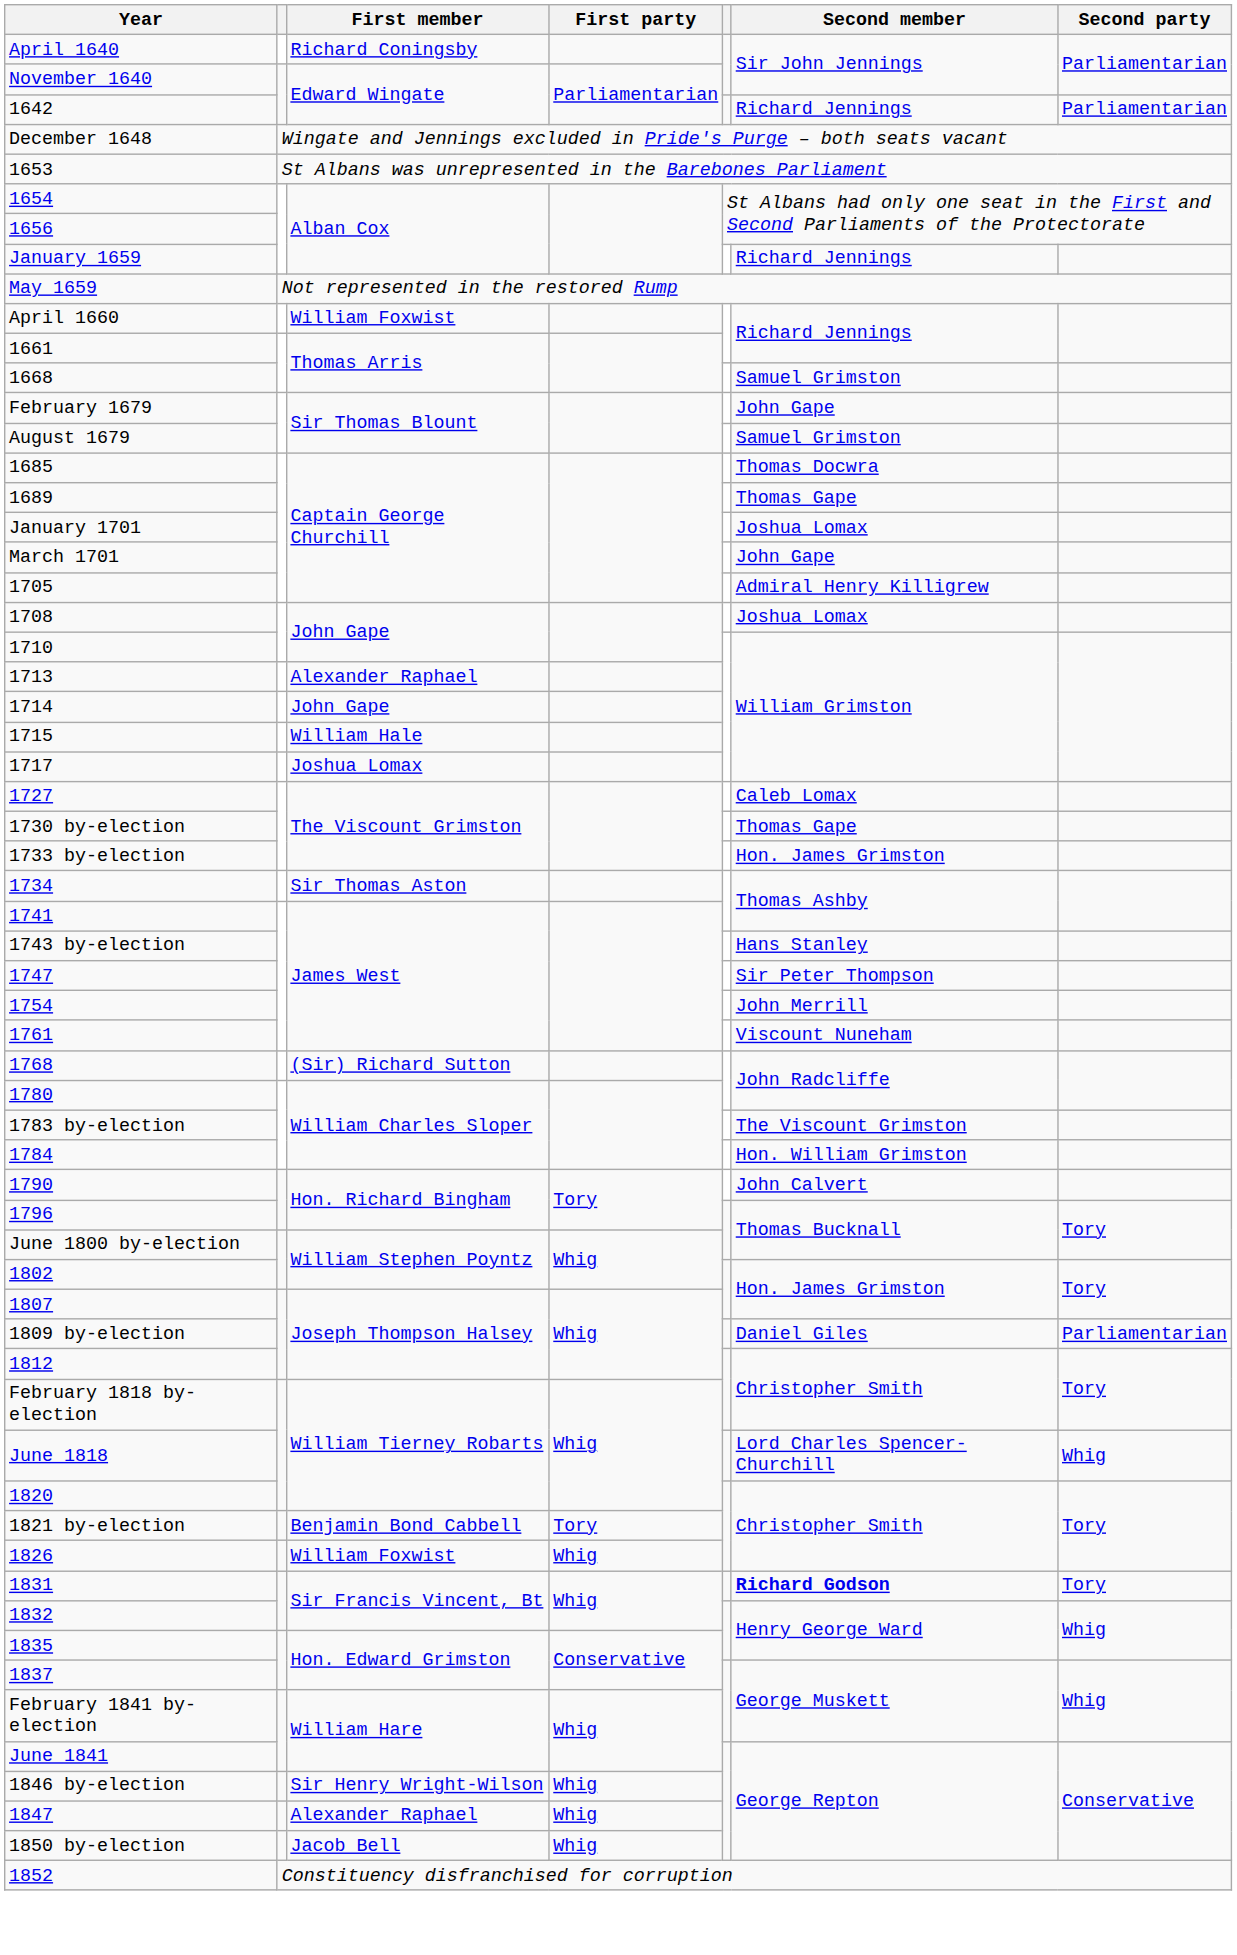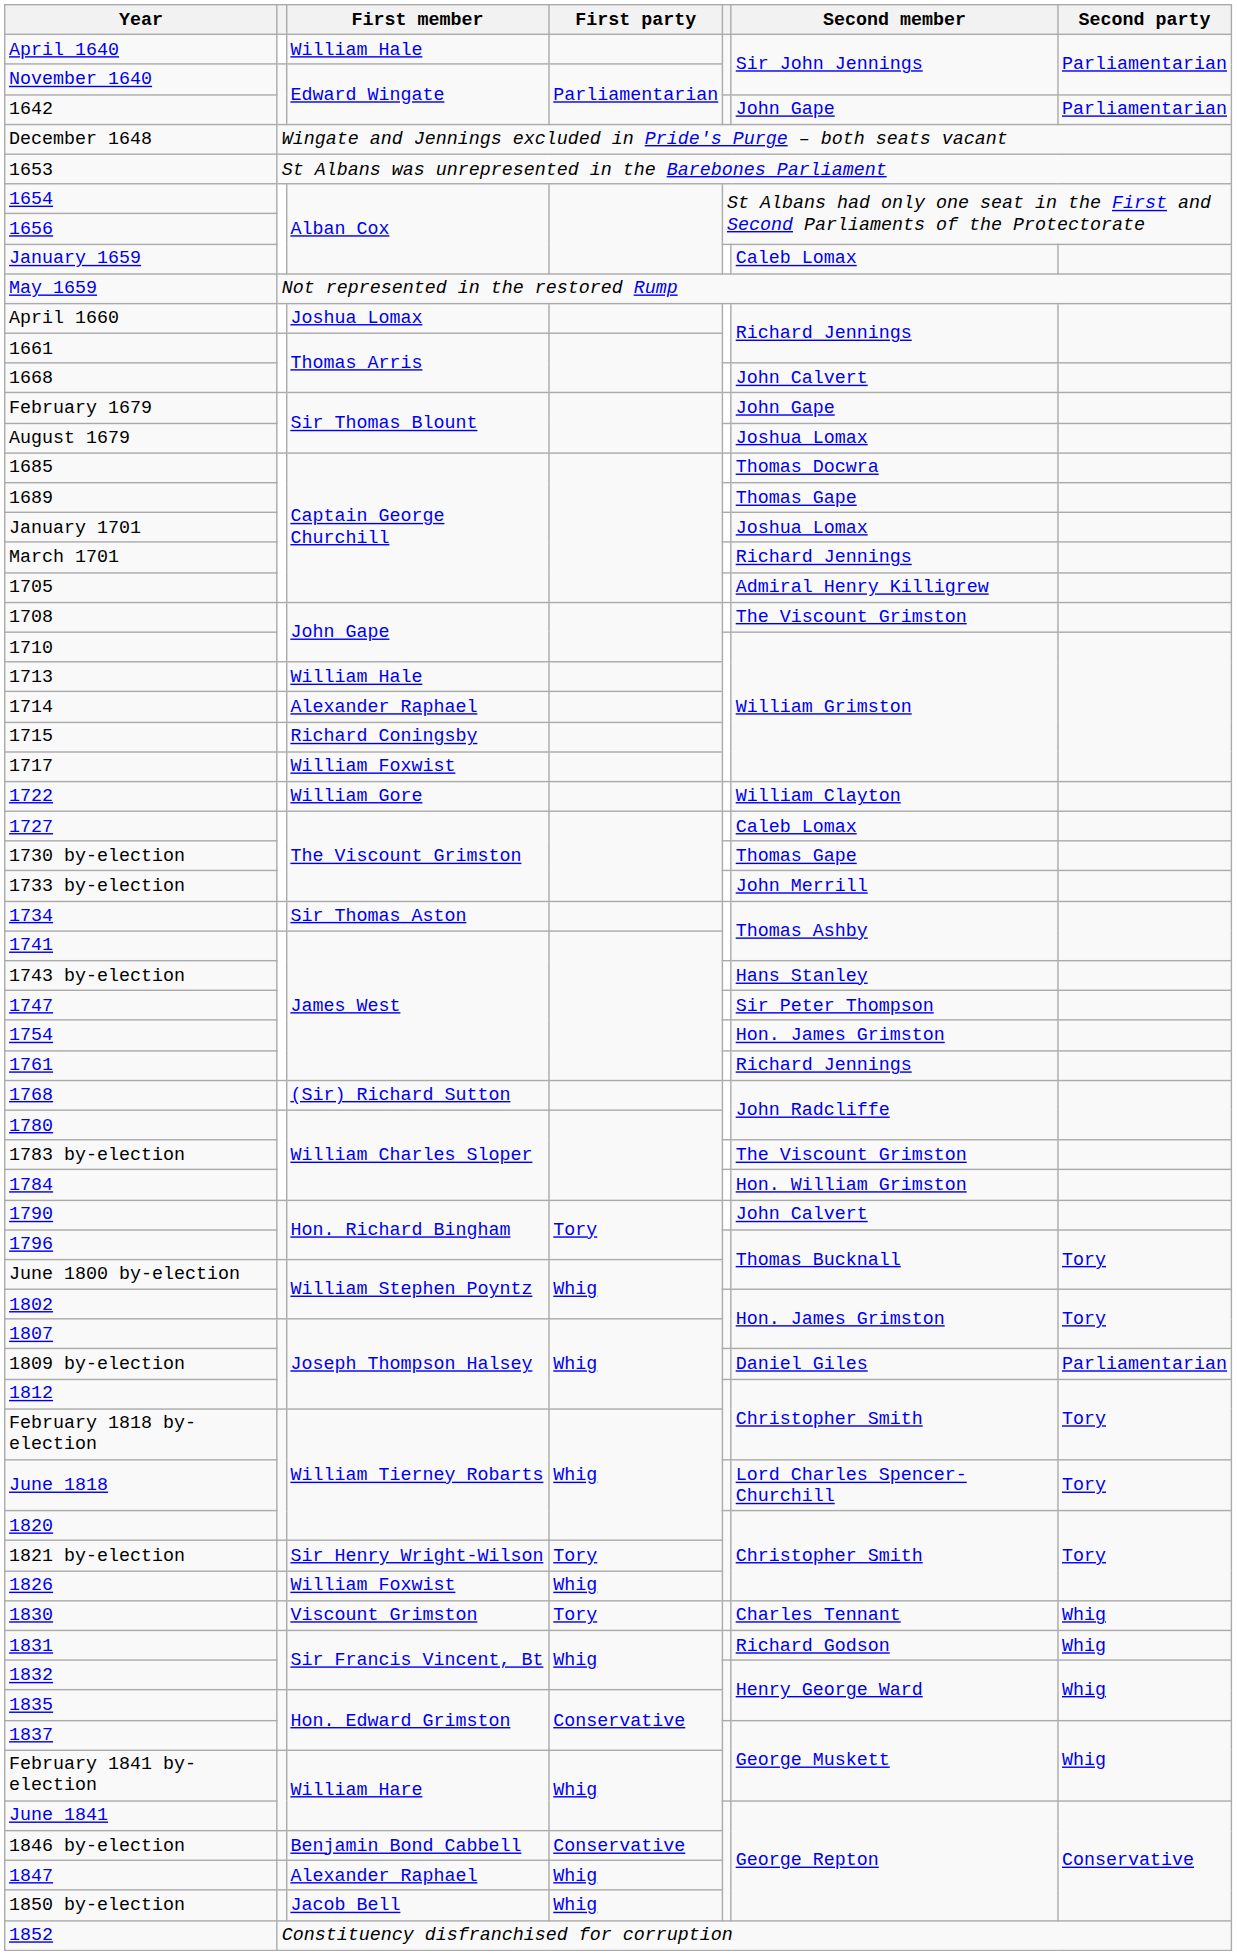 <table class="wikitable">
 <tr>
 <th>Year</th>
 <th></th>
 <th>First member</th>
 <th>First party</th>
 <th></th>
 <th>Second member</th>
 <th>Second party</th>
 </tr>
 <tr>
 <td><a href='#'>April 1640</a></td>
 <td style="color:inherit;background-color: white"></td>
-<td><a href='#'>Richard Coningsby</a></td>
+<td><a href='#'>William Hale</a></td>
 <td></td>
 <td rowspan="2" style="color:inherit;background-color: "></td>
 <td rowspan="2"><a href='#'>Sir John Jennings</a></td>
 <td rowspan="2"><a href='#'>Parliamentarian</a></td>
 </tr>
 <tr>
 <td><a href='#'>November 1640</a></td>
 <td rowspan="2" style="color:inherit;background-color: "></td>
 <td rowspan="2"><a href='#'>Edward Wingate</a></td>
 <td rowspan="2"><a href='#'>Parliamentarian</a></td>
 </tr>
 <tr>
 <td>1642</td>
 <td style="color:inherit;background-color: "></td>
-<td><a href='#'>Richard Jennings</a></td>
+<td><a href='#'>John Gape</a></td>
 <td><a href='#'>Parliamentarian</a></td>
 </tr>
 <tr>
 <td>December 1648</td>
 <td colspan="6"><em>Wingate and Jennings excluded in <a href='#'>Pride's Purge</a> – both seats vacant</em></td>
 </tr>
 <tr>
 <td>1653</td>
 <td colspan="6"><em>St Albans was unrepresented in the <a href='#'>Barebones Parliament</a></em></td>
 </tr>
 <tr>
 <td><a href='#'>1654</a></td>
 <td rowspan="3" style="color:inherit;background-color: white"></td>
 <td rowspan="3"><a href='#'>Alban Cox</a></td>
 <td rowspan="3"></td>
 <td rowspan="2" colspan="3"><em>St Albans had only one seat in the <a href='#'>First</a>  and <br><a href='#'>Second</a> Parliaments of the Protectorate</em></td>
 </tr>
 <tr>
 <td><a href='#'>1656</a></td>
 </tr>
 <tr>
 <td><a href='#'>January 1659</a></td>
 <td style="color:inherit;background-color: white"></td>
-<td><a href='#'>Richard Jennings</a></td>
+<td><a href='#'>Caleb Lomax</a></td>
 <td></td>
 </tr>
 <tr>
 <td><a href='#'>May 1659</a></td>
 <td colspan="6"><em>Not represented in the restored <a href='#'>Rump</a></em></td>
 </tr>
 <tr>
 <td>April 1660</td>
 <td style="color:inherit;background-color: white"></td>
-<td><a href='#'>William Foxwist</a></td>
+<td><a href='#'>Joshua Lomax</a></td>
 <td></td>
 <td rowspan="2" style="color:inherit;background-color: white"></td>
 <td rowspan="2"><a href='#'>Richard Jennings</a></td>
 <td rowspan="2"></td>
 </tr>
 <tr>
 <td>1661</td>
 <td rowspan="2" style="color:inherit;background-color: white"></td>
 <td rowspan="2"><a href='#'>Thomas Arris</a></td>
 <td rowspan="2"></td>
 </tr>
 <tr>
 <td>1668</td>
 <td style="color:inherit;background-color: white"></td>
-<td><a href='#'>Samuel Grimston</a></td>
+<td><a href='#'>John Calvert</a></td>
 <td></td>
 </tr>
 <tr>
 <td>February 1679</td>
 <td rowspan="2" style="color:inherit;background-color: white"></td>
 <td rowspan="2"><a href='#'>Sir Thomas Blount</a></td>
 <td rowspan="2"></td>
 <td style="color:inherit;background-color: white"></td>
 <td><a href='#'>John Gape</a></td>
 <td></td>
 </tr>
 <tr>
 <td>August 1679</td>
 <td style="color:inherit;background-color: white"></td>
-<td><a href='#'>Samuel Grimston</a></td>
+<td><a href='#'>Joshua Lomax</a></td>
 <td></td>
 </tr>
 <tr>
 <td>1685</td>
 <td rowspan="5" style="color:inherit;background-color: white"></td>
 <td rowspan="5"><a href='#'>Captain George Churchill</a></td>
 <td rowspan="5"></td>
 <td style="color:inherit;background-color: white"></td>
 <td><a href='#'>Thomas Docwra</a></td>
 <td></td>
 </tr>
 <tr>
 <td>1689</td>
 <td style="color:inherit;background-color: white"></td>
 <td><a href='#'>Thomas Gape</a></td>
 <td></td>
 </tr>
 <tr>
 <td>January 1701</td>
 <td style="color:inherit;background-color: white"></td>
 <td><a href='#'>Joshua Lomax</a></td>
 <td></td>
 </tr>
 <tr>
 <td>March 1701</td>
 <td style="color:inherit;background-color: white"></td>
-<td><a href='#'>John Gape</a></td>
+<td><a href='#'>Richard Jennings</a></td>
 <td></td>
 </tr>
 <tr>
 <td>1705</td>
 <td style="color:inherit;background-color: white"></td>
 <td><a href='#'>Admiral Henry Killigrew</a></td>
 <td></td>
 </tr>
 <tr>
 <td>1708</td>
 <td rowspan="2" style="color:inherit;background-color: white"></td>
 <td rowspan="2"><a href='#'>John Gape</a></td>
 <td rowspan="2"></td>
 <td style="color:inherit;background-color: white"></td>
-<td><a href='#'>Joshua Lomax</a></td>
+<td><a href='#'>The Viscount Grimston</a></td>
 <td></td>
 </tr>
 <tr>
 <td>1710</td>
 <td rowspan="5" style="color:inherit;background-color: white"></td>
 <td rowspan="5"><a href='#'>William Grimston</a></td>
 <td rowspan="5"></td>
 </tr>
 <tr>
 <td>1713</td>
 <td style="color:inherit;background-color: white"></td>
-<td><a href='#'>Alexander Raphael</a></td>
+<td><a href='#'>William Hale</a></td>
 <td></td>
 </tr>
 <tr>
 <td>1714</td>
 <td style="color:inherit;background-color: white"></td>
-<td><a href='#'>John Gape</a></td>
+<td><a href='#'>Alexander Raphael</a></td>
 <td></td>
 </tr>
 <tr>
 <td>1715</td>
 <td style="color:inherit;background-color: white"></td>
-<td><a href='#'>William Hale</a></td>
+<td><a href='#'>Richard Coningsby</a></td>
 <td></td>
 </tr>
 <tr>
 <td>1717</td>
 <td style="color:inherit;background-color: white"></td>
-<td><a href='#'>Joshua Lomax</a></td>
+<td><a href='#'>William Foxwist</a></td>
+<td></td>
+</tr>
+<tr>
+<td><a href='#'>1722</a></td>
+<td style="color:inherit;background-color: white"></td>
+<td><a href='#'>William Gore</a></td>
+<td></td>
+<td style="color:inherit;background-color: white"></td>
+<td><a href='#'>William Clayton</a></td>
 <td></td>
 </tr>
 <tr>
 <td><a href='#'>1727</a></td>
 <td rowspan="3" style="color:inherit;background-color: white"></td>
 <td rowspan="3"><a href='#'>The Viscount Grimston</a></td>
 <td rowspan="3"></td>
 <td style="color:inherit;background-color: white"></td>
 <td><a href='#'>Caleb Lomax</a></td>
 <td></td>
 </tr>
 <tr>
 <td>1730 by-election</td>
 <td style="color:inherit;background-color: white"></td>
 <td><a href='#'>Thomas Gape</a></td>
 <td></td>
 </tr>
 <tr>
 <td>1733 by-election</td>
 <td style="color:inherit;background-color: white"></td>
-<td><a href='#'>Hon. James Grimston</a></td>
+<td><a href='#'>John Merrill</a></td>
 <td></td>
 </tr>
 <tr>
 <td><a href='#'>1734</a></td>
 <td style="color:inherit;background-color: white"></td>
 <td><a href='#'>Sir Thomas Aston</a></td>
 <td></td>
 <td rowspan="2" style="color:inherit;background-color: white"></td>
 <td rowspan="2"><a href='#'>Thomas Ashby</a></td>
 <td rowspan="2"></td>
 </tr>
 <tr>
 <td><a href='#'>1741</a></td>
 <td rowspan="5" style="color:inherit;background-color: white"></td>
 <td rowspan="5"><a href='#'>James West</a></td>
 <td rowspan="5"></td>
 </tr>
 <tr>
 <td>1743 by-election</td>
 <td style="color:inherit;background-color: white"></td>
 <td><a href='#'>Hans Stanley</a></td>
 <td></td>
 </tr>
 <tr>
 <td><a href='#'>1747</a></td>
 <td style="color:inherit;background-color: white"></td>
 <td><a href='#'>Sir Peter Thompson</a></td>
 <td></td>
 </tr>
 <tr>
 <td><a href='#'>1754</a></td>
 <td style="color:inherit;background-color: white"></td>
-<td><a href='#'>John Merrill</a></td>
+<td><a href='#'>Hon. James Grimston</a></td>
 <td></td>
 </tr>
 <tr>
 <td><a href='#'>1761</a></td>
 <td style="color:inherit;background-color: white"></td>
-<td><a href='#'>Viscount Nuneham</a></td>
+<td><a href='#'>Richard Jennings</a></td>
 <td></td>
 </tr>
 <tr>
 <td><a href='#'>1768</a></td>
 <td style="color:inherit;background-color: white"></td>
 <td><a href='#'>(Sir) Richard Sutton</a></td>
 <td></td>
 <td rowspan="2" style="color:inherit;background-color: white"></td>
 <td rowspan="2"><a href='#'>John Radcliffe</a></td>
 <td rowspan="2"></td>
 </tr>
 <tr>
 <td><a href='#'>1780</a></td>
 <td rowspan="3" style="color:inherit;background-color: white"></td>
 <td rowspan="3"><a href='#'>William Charles Sloper</a></td>
 <td rowspan="3"></td>
 </tr>
 <tr>
 <td>1783 by-election</td>
 <td style="color:inherit;background-color: white"></td>
 <td><a href='#'>The Viscount Grimston</a></td>
 <td></td>
 </tr>
 <tr>
 <td><a href='#'>1784</a></td>
 <td style="color:inherit;background-color: white"></td>
 <td><a href='#'>Hon. William Grimston</a></td>
 <td></td>
 </tr>
 <tr>
 <td><a href='#'>1790</a></td>
 <td rowspan="2" style="color:inherit;background-color: "></td>
 <td rowspan="2"><a href='#'>Hon. Richard Bingham</a></td>
 <td rowspan="2"><a href='#'>Tory</a></td>
 <td style="color:inherit;background-color: white"></td>
 <td><a href='#'>John Calvert</a></td>
 <td></td>
 </tr>
 <tr>
 <td><a href='#'>1796</a></td>
 <td rowspan="2" style="color:inherit;background-color: "></td>
 <td rowspan="2"><a href='#'>Thomas Bucknall</a></td>
 <td rowspan="2"><a href='#'>Tory</a></td>
 </tr>
 <tr>
 <td>June 1800 by-election</td>
 <td rowspan="2" style="color:inherit;background-color: "></td>
 <td rowspan="2"><a href='#'>William Stephen Poyntz</a></td>
 <td rowspan="2"><a href='#'>Whig</a></td>
 </tr>
 <tr>
 <td><a href='#'>1802</a></td>
 <td rowspan="2" style="color:inherit;background-color: "></td>
 <td rowspan="2"><a href='#'>Hon. James Grimston</a></td>
 <td rowspan="2"><a href='#'>Tory</a></td>
 </tr>
 <tr>
 <td><a href='#'>1807</a></td>
 <td rowspan="3" style="color:inherit;background-color: "></td>
 <td rowspan="3"><a href='#'>Joseph Thompson Halsey</a></td>
 <td rowspan="3"><a href='#'>Whig</a></td>
 </tr>
 <tr>
 <td>1809 by-election</td>
 <td style="color:inherit;background-color: "></td>
 <td><a href='#'>Daniel Giles</a></td>
 <td><a href='#'>Parliamentarian</a></td>
 </tr>
 <tr>
 <td><a href='#'>1812</a></td>
 <td rowspan="2" style="color:inherit;background-color: "></td>
 <td rowspan="2"><a href='#'>Christopher Smith</a></td>
 <td rowspan="2"><a href='#'>Tory</a></td>
 </tr>
 <tr>
 <td>February 1818 by-election</td>
 <td rowspan="3" style="color:inherit;background-color: "></td>
 <td rowspan="3"><a href='#'>William Tierney Robarts</a></td>
 <td rowspan="3"><a href='#'>Whig</a></td>
 </tr>
 <tr>
 <td><a href='#'>June 1818</a></td>
 <td style="color:inherit;background-color: "></td>
 <td><a href='#'>Lord Charles Spencer-Churchill</a></td>
-<td><a href='#'>Whig</a></td>
+<td><a href='#'>Tory</a></td>
 </tr>
 <tr>
 <td><a href='#'>1820</a></td>
 <td rowspan="3" style="color:inherit;background-color: "></td>
 <td rowspan="3"><a href='#'>Christopher Smith</a></td>
 <td rowspan="3"><a href='#'>Tory</a></td>
 </tr>
 <tr>
 <td>1821 by-election</td>
 <td style="color:inherit;background-color: "></td>
-<td><a href='#'>Benjamin Bond Cabbell</a></td>
+<td><a href='#'>Sir Henry Wright-Wilson</a></td>
 <td><a href='#'>Tory</a></td>
 </tr>
 <tr>
 <td><a href='#'>1826</a></td>
 <td style="color:inherit;background-color: "></td>
 <td><a href='#'>William Foxwist</a></td>
 <td><a href='#'>Whig</a></td>
 </tr>
 <tr>
+<td><a href='#'>1830</a></td>
+<td style="color:inherit;background-color: "></td>
+<td><a href='#'>Viscount Grimston</a></td>
+<td><a href='#'>Tory</a></td>
+<td style="color:inherit;background-color: "></td>
+<td><a href='#'>Charles Tennant</a></td>
+<td><a href='#'>Whig</a></td>
+</tr>
+<tr>
 <td><a href='#'>1831</a></td>
 <td rowspan="2" style="color:inherit;background-color: "></td>
 <td rowspan="2"><a href='#'>Sir Francis Vincent, Bt</a></td>
 <td rowspan="2"><a href='#'>Whig</a></td>
 <td style="color:inherit;background-color: "></td>
-<td><strong><a href='#'>Richard Godson</a></strong></td>
-<td><a href='#'>Tory</a></td>
+<td><a href='#'>Richard Godson</a></td>
+<td><a href='#'>Whig</a></td>
 </tr>
 <tr>
 <td><a href='#'>1832</a></td>
 <td rowspan="2" style="color:inherit;background-color: "></td>
 <td rowspan="2"><a href='#'>Henry George Ward</a></td>
 <td rowspan="2"><a href='#'>Whig</a></td>
 </tr>
 <tr>
 <td><a href='#'>1835</a></td>
 <td rowspan="2" style="color:inherit;background-color: "></td>
 <td rowspan="2"><a href='#'>Hon. Edward Grimston</a></td>
 <td rowspan="2"><a href='#'>Conservative</a></td>
 </tr>
 <tr>
 <td><a href='#'>1837</a></td>
 <td rowspan="2" style="color:inherit;background-color: "></td>
 <td rowspan="2"><a href='#'>George Muskett</a></td>
 <td rowspan="2"><a href='#'>Whig</a></td>
 </tr>
 <tr>
 <td>February 1841 by-election</td>
 <td rowspan="2" style="color:inherit;background-color: "></td>
 <td rowspan="2"><a href='#'>William Hare</a></td>
 <td rowspan="2"><a href='#'>Whig</a></td>
 </tr>
 <tr>
 <td><a href='#'>June 1841</a></td>
 <td rowspan="4" style="color:inherit;background-color: "></td>
 <td rowspan="4"><a href='#'>George Repton</a></td>
 <td rowspan="4"><a href='#'>Conservative</a></td>
 </tr>
 <tr>
 <td>1846 by-election</td>
 <td style="color:inherit;background-color: "></td>
-<td><a href='#'>Sir Henry Wright-Wilson</a></td>
-<td><a href='#'>Whig</a></td>
+<td><a href='#'>Benjamin Bond Cabbell</a></td>
+<td><a href='#'>Conservative</a></td>
 </tr>
 <tr>
 <td><a href='#'>1847</a></td>
 <td style="color:inherit;background-color: "></td>
 <td><a href='#'>Alexander Raphael</a></td>
 <td><a href='#'>Whig</a></td>
 </tr>
 <tr>
 <td>1850 by-election</td>
 <td style="color:inherit;background-color: "></td>
 <td><a href='#'>Jacob Bell</a></td>
 <td><a href='#'>Whig</a></td>
 </tr>
 <tr>
 <td><a href='#'>1852</a></td>
 <td colspan="6"><em>Constituency disfranchised for corruption</em></td>
 </tr>
 </table>
